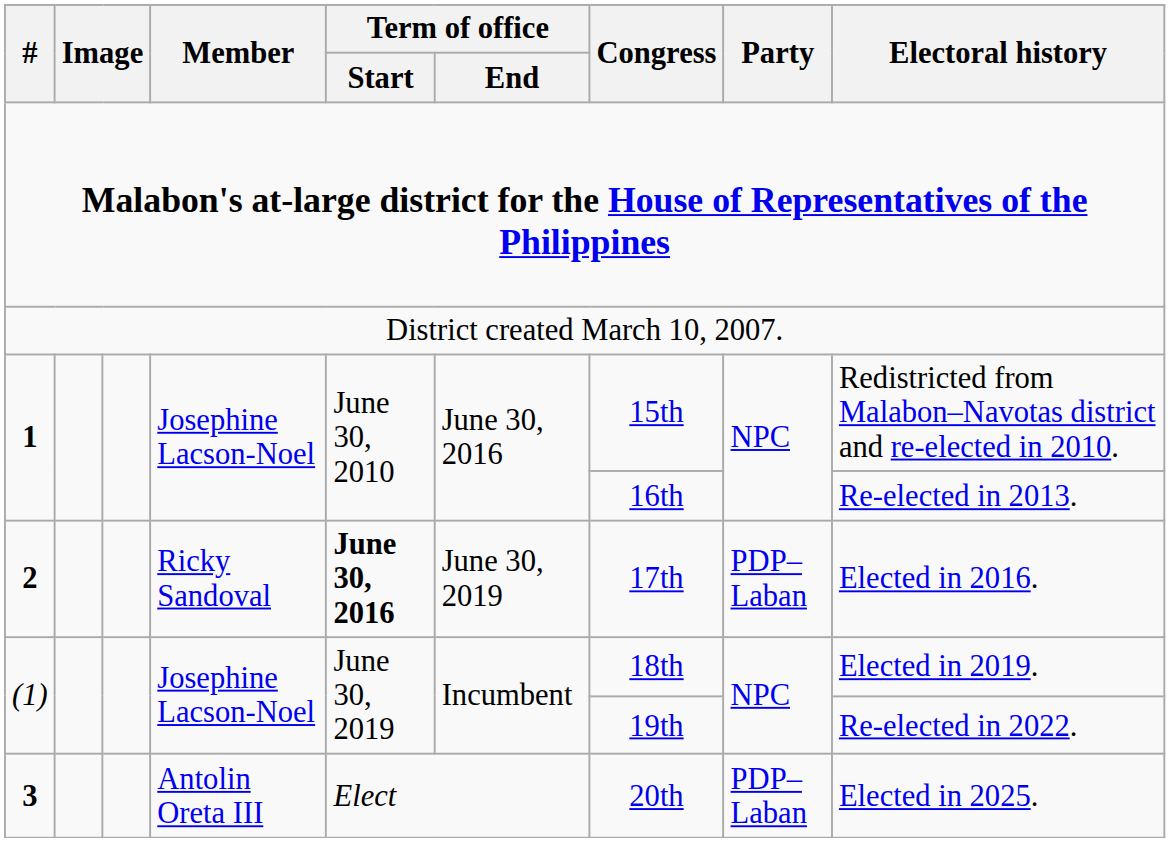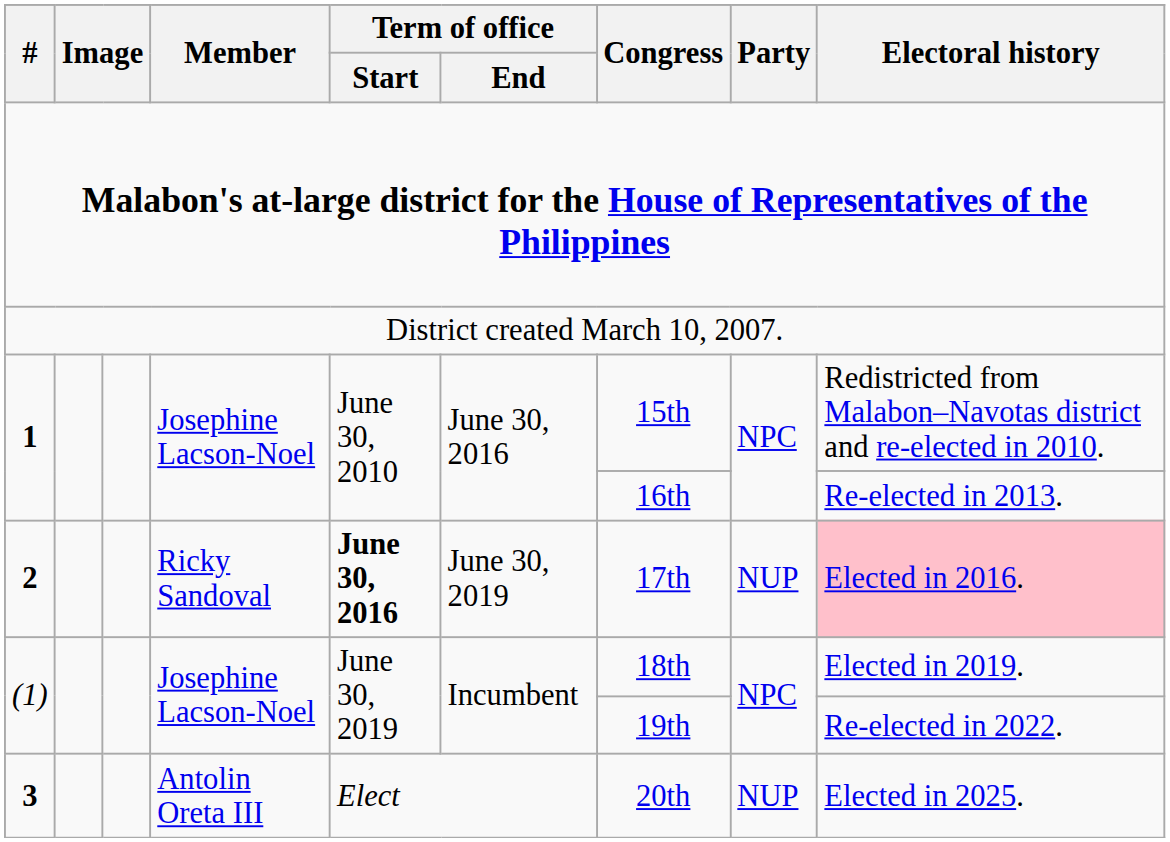 <table class="wikitable">
 <tr>
 <th rowspan="2">#</th>
 <th colspan="2" rowspan="2">Image</th>
 <th rowspan="2">Member</th>
 <th colspan="2">Term of office</th>
 <th rowspan="2">Congress</th>
 <th rowspan="2">Party</th>
 <th rowspan="2">Electoral history</th>
 </tr>
 <tr>
 <th>Start</th>
 <th>End</th>
 </tr>
 <tr>
 <td colspan="10" style="text-align:center;"><br><h3>Malabon's at-large district for the <a href='#'>House of Representatives of the Philippines</a></h3></td>
 </tr>
 <tr>
 <td colspan="10" style="text-align:center;">District created March 10, 2007.</td>
 </tr>
 <tr>
 <td rowspan="2" style="text-align:center;"><strong>1</strong></td>
 <td rowspan="2" style="color:inherit;background:"></td>
 <td rowspan="2"></td>
 <td rowspan="2"><a href='#'>Josephine Lacson-Noel</a></td>
 <td rowspan="2">June 30, 2010</td>
 <td rowspan="2">June 30, 2016</td>
 <td style="text-align:center;"><a href='#'>15th</a></td>
 <td rowspan="2"><a href='#'>NPC</a></td>
 <td>Redistricted from <a href='#'>Malabon–Navotas district</a> and <a href='#'>re-elected in 2010</a>.</td>
 </tr>
 <tr>
 <td style="text-align:center;"><a href='#'>16th</a></td>
 <td><a href='#'>Re-elected in 2013</a>.</td>
 </tr>
 <tr>
 <td style="text-align:center;"><strong>2</strong></td>
 <td style="color:inherit;background:"></td>
 <td></td>
 <td><a href='#'>Ricky Sandoval</a></td>
 <td><strong>June 30, 2016</strong></td>
 <td>June 30, 2019</td>
 <td style="text-align:center;"><a href='#'>17th</a></td>
-<td><a href='#'>PDP–Laban</a></td>
-<td><a href='#'>Elected in 2016</a>.</td>
+<td><a href='#'>NUP</a></td>
+<td style="background: pink;"><a href='#'>Elected in 2016</a>.</td>
 </tr>
 <tr>
 <td rowspan="2"><em>(1)</em></td>
 <td rowspan="2" style="color:inherit;background:"></td>
 <td rowspan="2"></td>
 <td rowspan="2"><a href='#'>Josephine Lacson-Noel</a></td>
 <td rowspan="2">June 30, 2019</td>
 <td rowspan="2">Incumbent</td>
 <td style="text-align:center;"><a href='#'>18th</a></td>
 <td rowspan="2"><a href='#'>NPC</a></td>
 <td><a href='#'>Elected in 2019</a>.</td>
 </tr>
 <tr>
 <td style="text-align:center;"><a href='#'>19th</a></td>
 <td><a href='#'>Re-elected in 2022</a>.</td>
 </tr>
 <tr>
 <td style="text-align:center;"><strong>3</strong></td>
 <td style="color:inherit;background:"></td>
 <td></td>
 <td><a href='#'>Antolin Oreta III</a><br></td>
 <td colspan="2"><em>Elect</em></td>
 <td style="text-align:center;"><a href='#'>20th</a></td>
-<td><a href='#'>PDP–Laban</a></td>
+<td><a href='#'>NUP</a></td>
 <td><a href='#'>Elected in 2025</a>.</td>
 </tr>
 </table>
